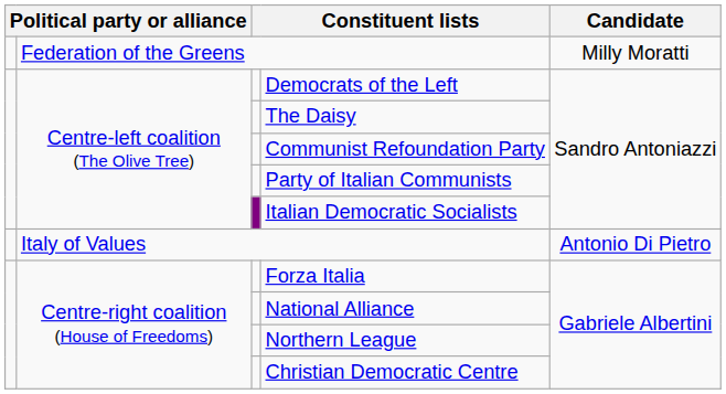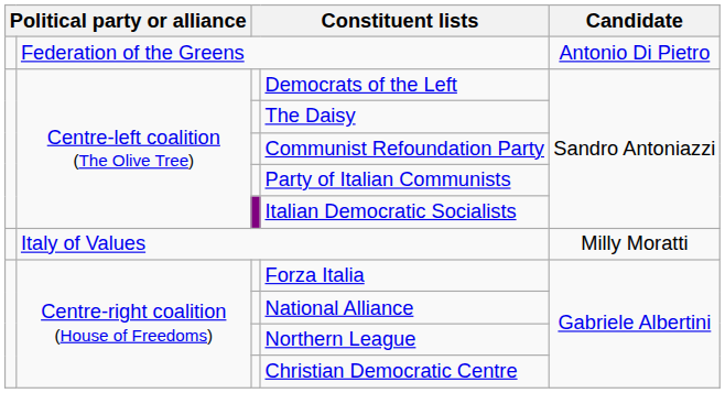 <table class=wikitable style=text-align:left>
 <tr>
 <th colspan=2>Political party or alliance</th>
 <th colspan=2>Constituent lists</th>
 <th>Candidate</th>
 </tr>
 <tr>
 <td></td>
 <td colspan=3 style="text-align:left;"><a href='#'>Federation of the Greens</a></td>
-<td style="text-align:center;">Milly Moratti</td>
+<td style="text-align:center;"><a href='#'>Antonio Di Pietro</a></td>
 </tr>
 <tr>
 <td rowspan=5 style="background-color:"></td>
 <td rowspan=5 style="text-align:center;"><a href='#'>Centre-left coalition</a><br><small>(<a href='#'>The Olive Tree</a>)</small></td>
 <td></td>
 <td style="text-align:left;"><a href='#'>Democrats of the Left</a></td>
 <td rowspan=5 style="text-align:center;">Sandro Antoniazzi</td>
 </tr>
 <tr>
 <td></td>
 <td style="text-align:left;"><a href='#'>The Daisy</a></td>
 </tr>
 <tr>
 <td></td>
 <td style="text-align:left;"><a href='#'>Communist Refoundation Party</a></td>
 </tr>
 <tr>
 <td></td>
 <td style="text-align:left;"><a href='#'>Party of Italian Communists</a></td>
 </tr>
 <tr>
 <td bgcolor="purple"></td>
 <td style="text-align:left;"><a href='#'>Italian Democratic Socialists</a></td>
 </tr>
 <tr>
 <td style="background-color:"></td>
 <td colspan=3  style="text-align:left;"><a href='#'>Italy of Values</a></td>
-<td style="text-align:center;"><a href='#'>Antonio Di Pietro</a></td>
+<td style="text-align:center;">Milly Moratti</td>
 </tr>
 <tr>
 <td rowspan=4 style="background-color:"></td>
 <td rowspan=4 style="text-align:center;"><a href='#'>Centre-right coalition</a><br><small>(<a href='#'>House of Freedoms</a>)</small></td>
 <td></td>
 <td style="text-align:left;"><a href='#'>Forza Italia</a></td>
 <td rowspan=4 style="text-align:center;"><a href='#'>Gabriele Albertini</a></td>
 </tr>
 <tr>
 <td></td>
 <td style="text-align:left;"><a href='#'>National Alliance</a></td>
 </tr>
 <tr>
 <td></td>
 <td style="text-align:left;"><a href='#'>Northern League</a></td>
 </tr>
 <tr>
 <td></td>
 <td style="text-align:left;"><a href='#'>Christian Democratic Centre</a></td>
 </tr>
 </table>
